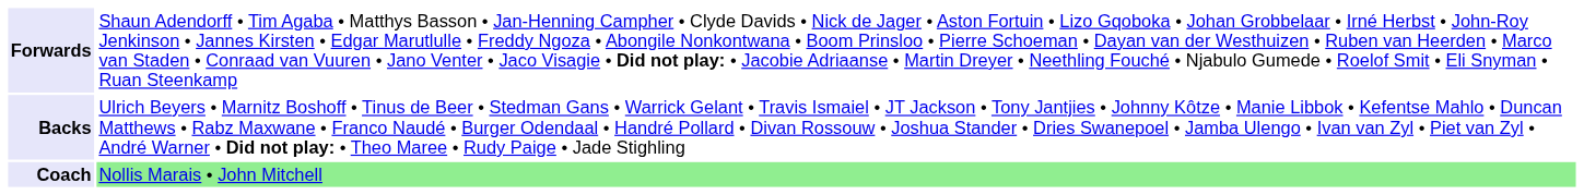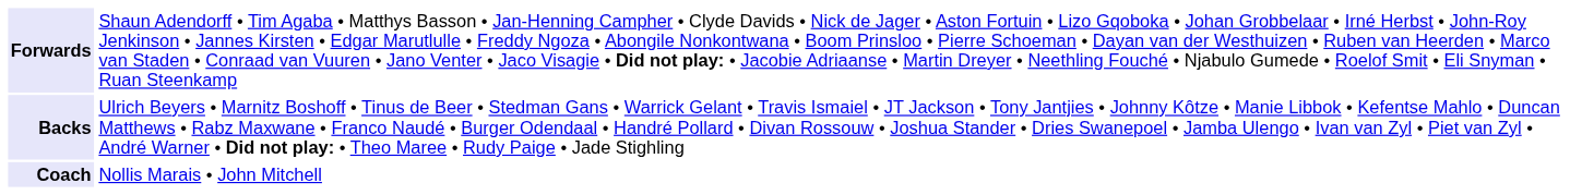 <table cellpadding="2" style="border: 1px solid white; font-size:90%;">
 <tr>
 <td style="text-align:right;" bgcolor="lavender"><strong>Forwards</strong></td>
 <td style="text-align:left;"><a href='#'>Shaun Adendorff</a> • <a href='#'>Tim Agaba</a> • Matthys Basson • <a href='#'>Jan-Henning Campher</a> • Clyde Davids • <a href='#'>Nick de Jager</a> • <a href='#'>Aston Fortuin</a> • <a href='#'>Lizo Gqoboka</a> • <a href='#'>Johan Grobbelaar</a> • <a href='#'>Irné Herbst</a> • <a href='#'>John-Roy Jenkinson</a> • <a href='#'>Jannes Kirsten</a> • <a href='#'>Edgar Marutlulle</a> • <a href='#'>Freddy Ngoza</a> • <a href='#'>Abongile Nonkontwana</a> • <a href='#'>Boom Prinsloo</a> • <a href='#'>Pierre Schoeman</a> • <a href='#'>Dayan van der Westhuizen</a> • <a href='#'>Ruben van Heerden</a> • <a href='#'>Marco van Staden</a> • <a href='#'>Conraad van Vuuren</a> • <a href='#'>Jano Venter</a> • <a href='#'>Jaco Visagie</a> • <strong>Did not play:</strong> • <a href='#'>Jacobie Adriaanse</a> • <a href='#'>Martin Dreyer</a> • <a href='#'>Neethling Fouché</a> • Njabulo Gumede • <a href='#'>Roelof Smit</a> • <a href='#'>Eli Snyman</a> • <a href='#'>Ruan Steenkamp</a></td>
 </tr>
 <tr>
 <td style="text-align:right;" bgcolor="lavender"><strong>Backs</strong></td>
 <td style="text-align:left;"><a href='#'>Ulrich Beyers</a> • <a href='#'>Marnitz Boshoff</a> • <a href='#'>Tinus de Beer</a> • <a href='#'>Stedman Gans</a> • <a href='#'>Warrick Gelant</a> • <a href='#'>Travis Ismaiel</a> • <a href='#'>JT Jackson</a> • <a href='#'>Tony Jantjies</a> • <a href='#'>Johnny Kôtze</a> • <a href='#'>Manie Libbok</a> • <a href='#'>Kefentse Mahlo</a> • <a href='#'>Duncan Matthews</a> • <a href='#'>Rabz Maxwane</a> • <a href='#'>Franco Naudé</a> • <a href='#'>Burger Odendaal</a> • <a href='#'>Handré Pollard</a> • <a href='#'>Divan Rossouw</a> • <a href='#'>Joshua Stander</a> • <a href='#'>Dries Swanepoel</a> • <a href='#'>Jamba Ulengo</a> • <a href='#'>Ivan van Zyl</a> • <a href='#'>Piet van Zyl</a> • <a href='#'>André Warner</a> • <strong>Did not play:</strong> • <a href='#'>Theo Maree</a> • <a href='#'>Rudy Paige</a> • Jade Stighling</td>
 </tr>
 <tr>
 <td style="text-align:right;" bgcolor="lavender"><strong>Coach</strong></td>
-<td style="background: lightgreen; text-align:left;"><a href='#'>Nollis Marais</a> • <a href='#'>John Mitchell</a></td>
+<td style="text-align:left;"><a href='#'>Nollis Marais</a> • <a href='#'>John Mitchell</a></td>
 </tr>
 </table>
